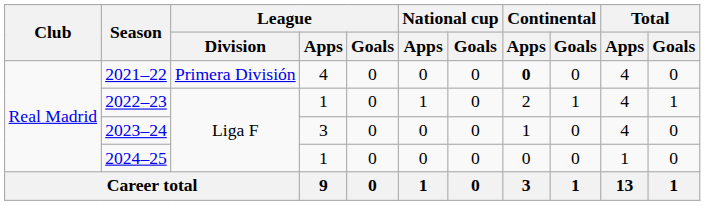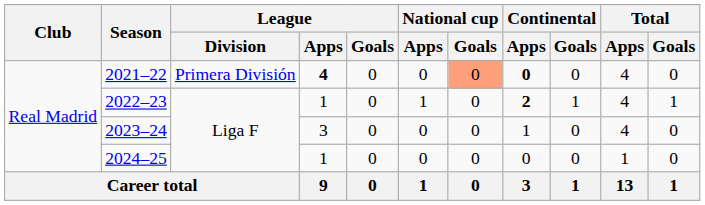 <table class="wikitable" style="text-align:center">
 <tr>
 <th rowspan="2">Club</th>
 <th rowspan="2">Season</th>
 <th colspan="3">League</th>
 <th colspan="2">National cup</th>
 <th colspan="2">Continental</th>
 <th colspan="2">Total</th>
 </tr>
 <tr>
 <th>Division</th>
 <th>Apps</th>
 <th>Goals</th>
 <th>Apps</th>
 <th>Goals</th>
 <th>Apps</th>
 <th>Goals</th>
 <th>Apps</th>
 <th>Goals</th>
 </tr>
 <tr>
 <td rowspan="4"><a href='#'>Real Madrid</a></td>
 <td><a href='#'>2021–22</a></td>
 <td><a href='#'>Primera División</a></td>
-<td>4</td>
+<td><strong>4</strong></td>
 <td>0</td>
 <td>0</td>
-<td>0</td>
+<td style="background: lightsalmon;">0</td>
 <td><strong>0</strong></td>
 <td>0</td>
 <td>4</td>
 <td>0</td>
 </tr>
 <tr>
 <td><a href='#'>2022–23</a></td>
 <td rowspan="3">Liga F</td>
 <td>1</td>
 <td>0</td>
 <td>1</td>
 <td>0</td>
-<td>2</td>
+<td><strong>2</strong></td>
 <td>1</td>
 <td>4</td>
 <td>1</td>
 </tr>
 <tr>
 <td><a href='#'>2023–24</a></td>
 <td>3</td>
 <td>0</td>
 <td>0</td>
 <td>0</td>
 <td>1</td>
 <td>0</td>
 <td>4</td>
 <td>0</td>
 </tr>
 <tr>
 <td><a href='#'>2024–25</a></td>
 <td>1</td>
 <td>0</td>
 <td>0</td>
 <td>0</td>
 <td>0</td>
 <td>0</td>
 <td>1</td>
 <td>0</td>
 </tr>
 <tr>
 <th colspan="3">Career total</th>
 <th>9</th>
 <th>0</th>
 <th>1</th>
 <th>0</th>
 <th>3</th>
 <th>1</th>
 <th>13</th>
 <th>1</th>
 </tr>
 </table>
